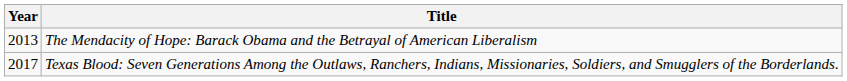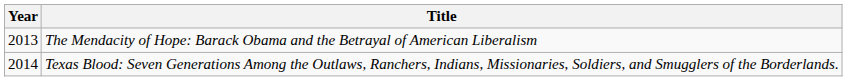 <table class="wikitable">
 <tr>
 <th>Year</th>
 <th>Title</th>
 </tr>
 <tr>
 <td>2013</td>
 <td><em>The Mendacity of Hope: Barack Obama and the Betrayal of American Liberalism</em></td>
 </tr>
 <tr>
-<td>2017</td>
+<td>2014</td>
 <td><em>Texas Blood: Seven Generations Among the Outlaws, Ranchers, Indians, Missionaries, Soldiers, and Smugglers of the Borderlands</em>.</td>
 </tr>
 </table>
